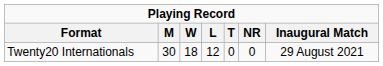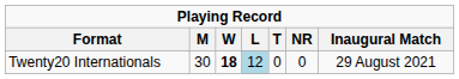 <table class="wikitable" style="text-align: center; width: 500px;">
 <tr>
 <td colspan=7 align="center"><strong>Playing Record</strong></td>
 </tr>
 <tr>
 <th>Format</th>
 <th>M</th>
 <th>W</th>
 <th>L</th>
 <th>T</th>
 <th>NR</th>
 <th>Inaugural Match</th>
 </tr>
 <tr>
 <td align="left">Twenty20 Internationals</td>
 <td>30</td>
-<td>18</td>
-<td>12</td>
+<td><strong>18</strong></td>
+<td style="background: lightblue;">12</td>
 <td>0</td>
 <td>0</td>
 <td>29 August 2021</td>
 </tr>
 </table>
